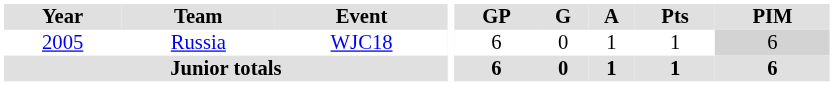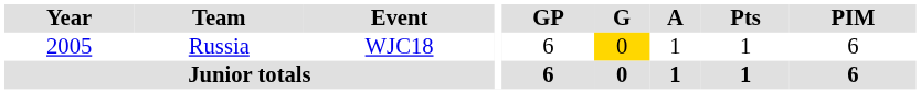 <table border="0" cellpadding="1" cellspacing="0" ID="Table3" style="text-align:center; width:40em">
 <tr ALIGN="center" bgcolor="#e0e0e0">
 <th>Year</th>
 <th>Team</th>
 <th>Event</th>
 <th rowspan="99" bgcolor="#ffffff"></th>
 <th>GP</th>
 <th>G</th>
 <th>A</th>
 <th>Pts</th>
 <th>PIM</th>
 </tr>
 <tr>
 <td><a href='#'>2005</a></td>
 <td><a href='#'>Russia</a></td>
 <td><a href='#'>WJC18</a></td>
 <td>6</td>
-<td>0</td>
+<td style="background: gold;">0</td>
 <td>1</td>
 <td>1</td>
-<td style="background: lightgrey;">6</td>
+<td>6</td>
 </tr>
 <tr bgcolor="#e0e0e0">
 <th colspan="3">Junior totals</th>
 <th>6</th>
 <th>0</th>
 <th>1</th>
 <th>1</th>
 <th>6</th>
 </tr>
 </table>
